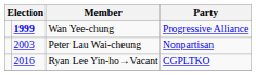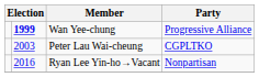 <table class="wikitable">
 <tr>
 <th colspan="2">Election</th>
 <th>Member</th>
 <th>Party</th>
 </tr>
 <tr>
 <td style="color:inherit;background:"></td>
 <td><strong><a href='#'>1999</a></strong></td>
 <td>Wan Yee-chung</td>
 <td><a href='#'>Progressive Alliance</a></td>
 </tr>
 <tr>
 <td style="color:inherit;background:"></td>
 <td><a href='#'>2003</a></td>
 <td>Peter Lau Wai-cheung</td>
-<td><a href='#'>Nonpartisan</a></td>
+<td><a href='#'>CGPLTKO</a></td>
 </tr>
 <tr>
 <td style="color:inherit;background:"></td>
 <td><a href='#'>2016</a></td>
 <td>Ryan Lee Yin-ho→Vacant</td>
-<td><a href='#'>CGPLTKO</a></td>
+<td><a href='#'>Nonpartisan</a></td>
 </tr>
 <tr>
 </tr>
 </table>
